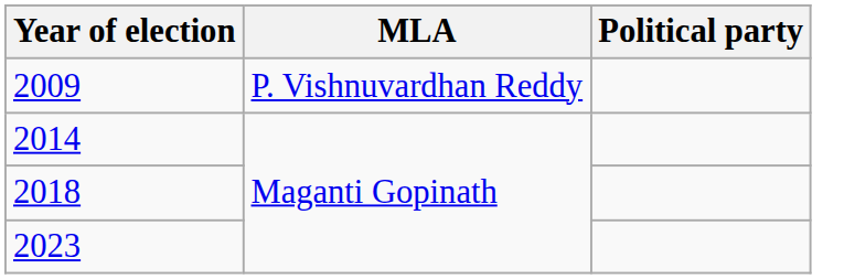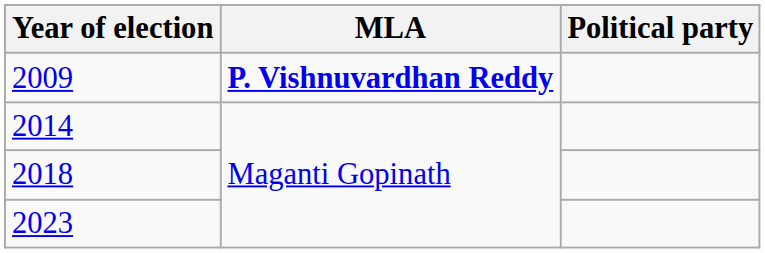 <table class="wikitable sortable">
 <tr>
 <th>Year of election</th>
 <th>MLA</th>
 <th colspan="2">Political party</th>
 </tr>
 <tr>
 <td><a href='#'>2009</a></td>
-<td><a href='#'>P. Vishnuvardhan Reddy</a></td>
+<td><strong><a href='#'>P. Vishnuvardhan Reddy</a></strong></td>
 <td></td>
 </tr>
 <tr>
 <td><a href='#'>2014</a></td>
 <td rowspan=3><a href='#'>Maganti Gopinath</a></td>
 <td></td>
 </tr>
 <tr>
 <td><a href='#'>2018</a></td>
 <td></td>
 </tr>
 <tr>
 <td><a href='#'>2023</a></td>
 </tr>
 </table>
